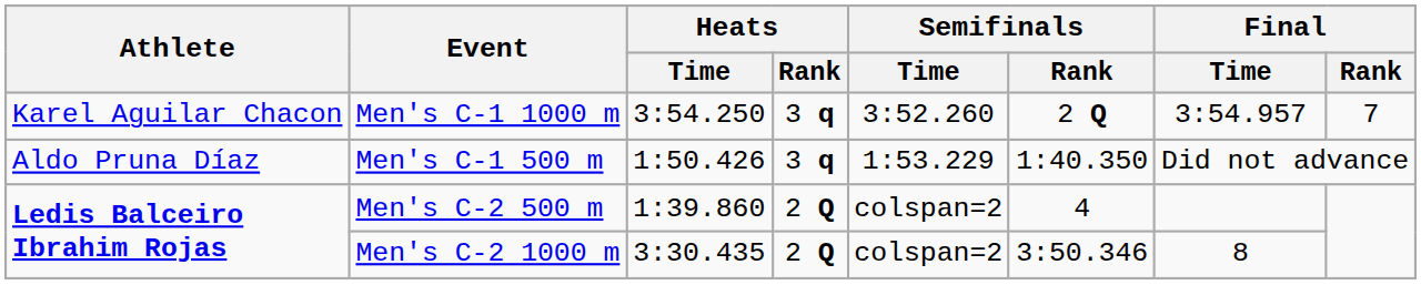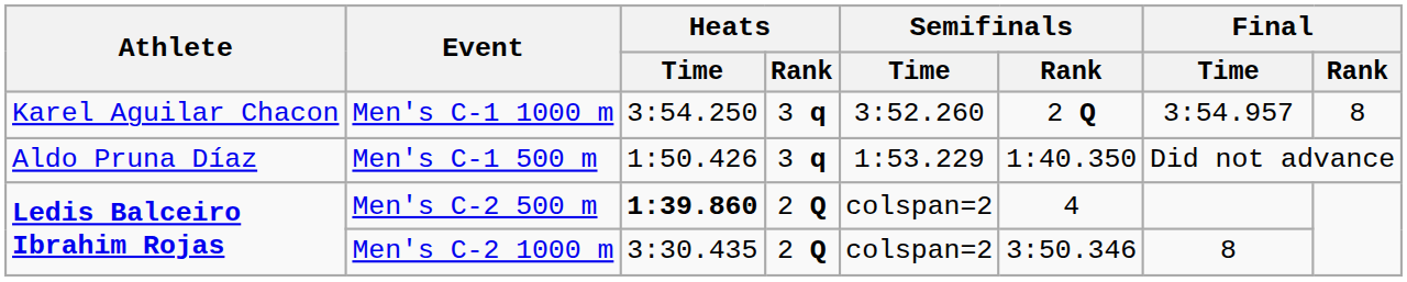 <table class="wikitable" style="font-size:90%">
 <tr>
 <th rowspan=2>Athlete</th>
 <th rowspan=2>Event</th>
 <th colspan=2>Heats</th>
 <th colspan=2>Semifinals</th>
 <th colspan=2>Final</th>
 </tr>
 <tr style="font-size:95%">
 <th>Time</th>
 <th>Rank</th>
 <th>Time</th>
 <th>Rank</th>
 <th>Time</th>
 <th>Rank</th>
 </tr>
 <tr align=center>
 <td align=left><a href='#'>Karel Aguilar Chacon</a></td>
 <td align=left><a href='#'>Men's C-1 1000 m</a></td>
 <td>3:54.250</td>
 <td>3 <strong>q</strong></td>
 <td>3:52.260</td>
 <td>2 <strong>Q</strong></td>
 <td>3:54.957</td>
-<td>7</td>
+<td>8</td>
 </tr>
 <tr align=center>
 <td align=left><a href='#'>Aldo Pruna Díaz</a></td>
 <td align=left><a href='#'>Men's C-1 500 m</a></td>
 <td>1:50.426</td>
 <td>3 <strong>q</strong></td>
 <td>1:53.229</td>
 <td>1:40.350</td>
 <td colspan=2>Did not advance</td>
 </tr>
 <tr align=center>
 <td align=left rowspan=2><strong><a href='#'>Ledis Balceiro</a><br><a href='#'>Ibrahim Rojas</a></strong></td>
 <td align=left><a href='#'>Men's C-2 500 m</a></td>
-<td>1:39.860</td>
+<td><strong>1:39.860</strong></td>
 <td>2 <strong>Q</strong></td>
 <td>colspan=2 </td>
 <td>4</td>
 <td></td>
 </tr>
 <tr align=center>
 <td align=left><a href='#'>Men's C-2 1000 m</a></td>
 <td>3:30.435</td>
 <td>2 <strong>Q</strong></td>
 <td>colspan=2 </td>
 <td>3:50.346</td>
 <td>8</td>
 </tr>
 </table>
